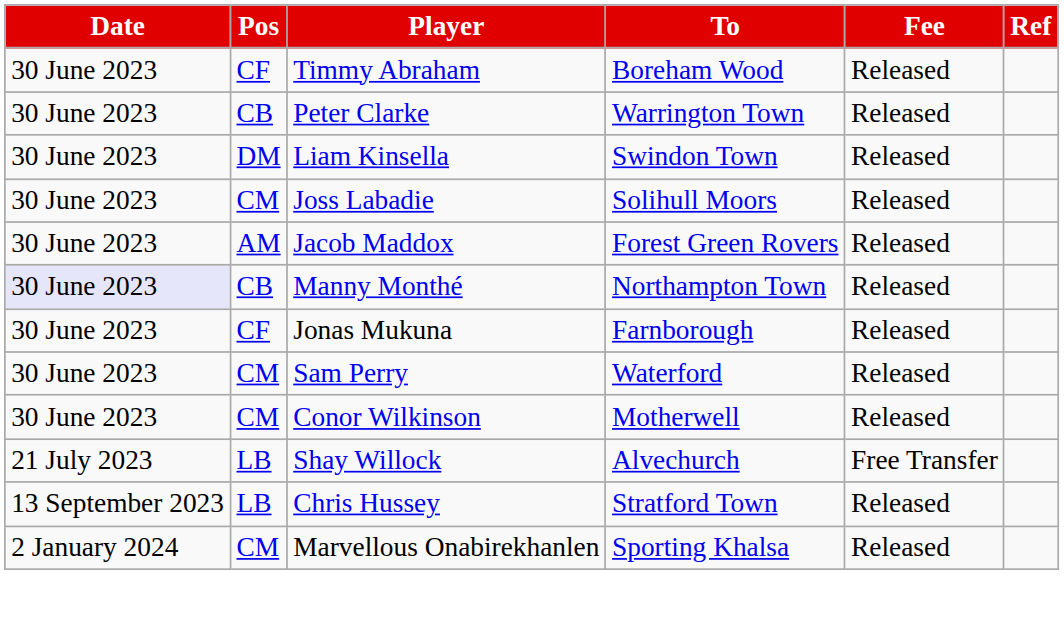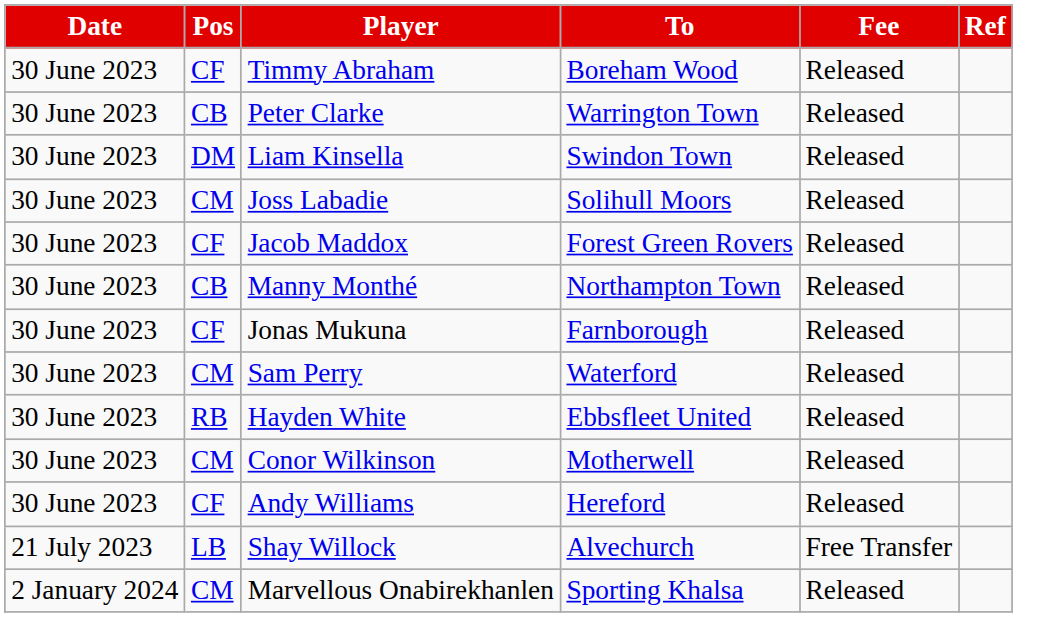 <table class="wikitable plainrowheaders sortable">
 <tr>
 <th style="background:#E00000;color:white;">Date</th>
 <th style="background:#E00000;color:white;">Pos</th>
 <th style="background:#E00000;color:white;">Player</th>
 <th style="background:#E00000;color:white;">To</th>
 <th style="background:#E00000;color:white;">Fee</th>
 <th style="background:#E00000;color:white;">Ref</th>
 </tr>
 <tr>
 <td>30 June 2023</td>
 <td><a href='#'>CF</a></td>
 <td> <a href='#'>Timmy Abraham</a></td>
 <td> <a href='#'>Boreham Wood</a></td>
 <td>Released</td>
 <td></td>
 </tr>
 <tr>
 <td>30 June 2023</td>
 <td><a href='#'>CB</a></td>
 <td> <a href='#'>Peter Clarke</a></td>
 <td> <a href='#'>Warrington Town</a></td>
 <td>Released</td>
 <td></td>
 </tr>
 <tr>
 <td>30 June 2023</td>
 <td><a href='#'>DM</a></td>
 <td> <a href='#'>Liam Kinsella</a></td>
 <td> <a href='#'>Swindon Town</a></td>
 <td>Released</td>
 <td></td>
 </tr>
 <tr>
 <td>30 June 2023</td>
 <td><a href='#'>CM</a></td>
 <td> <a href='#'>Joss Labadie</a></td>
 <td> <a href='#'>Solihull Moors</a></td>
 <td>Released</td>
 <td></td>
 </tr>
 <tr>
 <td>30 June 2023</td>
-<td><a href='#'>AM</a></td>
+<td><a href='#'>CF</a></td>
 <td> <a href='#'>Jacob Maddox</a></td>
 <td> <a href='#'>Forest Green Rovers</a></td>
 <td>Released</td>
 <td></td>
 </tr>
 <tr>
-<td style="background: lavender;">30 June 2023</td>
+<td>30 June 2023</td>
 <td><a href='#'>CB</a></td>
 <td> <a href='#'>Manny Monthé</a></td>
 <td> <a href='#'>Northampton Town</a></td>
 <td>Released</td>
 <td></td>
 </tr>
 <tr>
 <td>30 June 2023</td>
 <td><a href='#'>CF</a></td>
 <td> Jonas Mukuna</td>
 <td> <a href='#'>Farnborough</a></td>
 <td>Released</td>
 <td></td>
 </tr>
 <tr>
 <td>30 June 2023</td>
 <td><a href='#'>CM</a></td>
 <td> <a href='#'>Sam Perry</a></td>
 <td> <a href='#'>Waterford</a></td>
 <td>Released</td>
 <td></td>
 </tr>
 <tr>
 <td>30 June 2023</td>
+<td><a href='#'>RB</a></td>
+<td> <a href='#'>Hayden White</a></td>
+<td> <a href='#'>Ebbsfleet United</a></td>
+<td>Released</td>
+<td></td>
+</tr>
+<tr>
+<td>30 June 2023</td>
 <td><a href='#'>CM</a></td>
 <td> <a href='#'>Conor Wilkinson</a></td>
 <td> <a href='#'>Motherwell</a></td>
+<td>Released</td>
+<td></td>
+</tr>
+<tr>
+<td>30 June 2023</td>
+<td><a href='#'>CF</a></td>
+<td> <a href='#'>Andy Williams</a></td>
+<td> <a href='#'>Hereford</a></td>
 <td>Released</td>
 <td></td>
 </tr>
 <tr>
 <td>21 July 2023</td>
 <td><a href='#'>LB</a></td>
 <td> <a href='#'>Shay Willock</a></td>
 <td> <a href='#'>Alvechurch</a></td>
 <td>Free Transfer</td>
 <td></td>
 </tr>
 <tr>
-<td>13 September 2023</td>
-<td><a href='#'>LB</a></td>
-<td> <a href='#'>Chris Hussey</a></td>
-<td>  <a href='#'>Stratford Town</a></td>
-<td>Released</td>
-<td></td>
-</tr>
-<tr>
 <td>2 January 2024</td>
 <td><a href='#'>CM</a></td>
 <td> Marvellous Onabirekhanlen</td>
 <td> <a href='#'>Sporting Khalsa</a></td>
 <td>Released</td>
 <td></td>
 </tr>
 </table>
